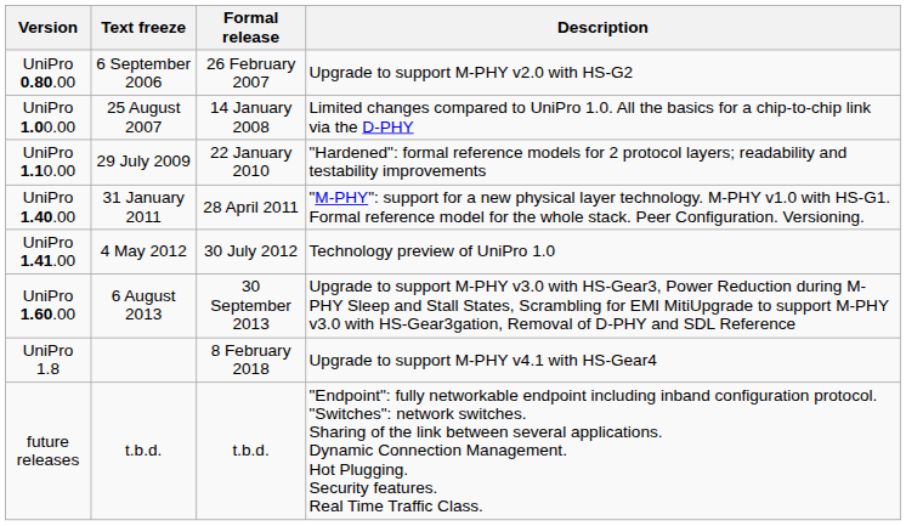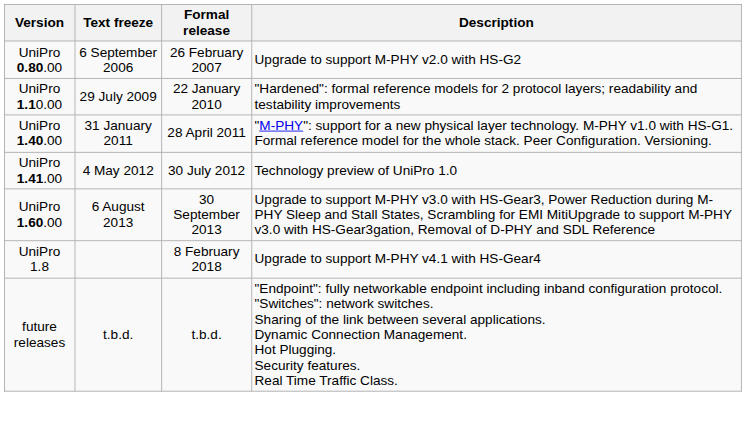 <table class="wikitable">
 <tr>
 <th>Version</th>
 <th>Text freeze</th>
 <th>Formal release</th>
 <th>Description</th>
 </tr>
 <tr>
 <td align="center">UniPro <strong>0.80</strong>.00</td>
 <td align="center">6 September 2006</td>
 <td align="center">26 February 2007</td>
 <td>Upgrade to support M-PHY v2.0 with HS-G2</td>
-</tr>
-<tr>
-<td align="center">UniPro <strong>1.0</strong>0.00</td>
-<td align="center">25 August 2007</td>
-<td align="center">14 January 2008</td>
-<td>Limited changes compared to UniPro 1.0. All the basics for a chip-to-chip link via the <a href='#'>D-PHY</a></td>
 </tr>
 <tr>
 <td align="center">UniPro <strong>1.1</strong>0.00</td>
 <td align="center">29 July 2009</td>
 <td align="center">22 January 2010</td>
 <td>"Hardened": formal reference models for 2 protocol layers; readability and testability improvements</td>
 </tr>
 <tr>
 <td align="center">UniPro <strong>1.40</strong>.00</td>
 <td align="center">31 January 2011</td>
 <td align="center">28 April 2011</td>
 <td>"<a href='#'>M-PHY</a>": support for a new physical layer technology. M-PHY v1.0 with HS-G1. Formal reference model for the whole stack. Peer Configuration. Versioning.</td>
 </tr>
 <tr>
 <td align="center">UniPro <strong>1.41</strong>.00</td>
 <td align="center">4 May 2012</td>
 <td align="center">30 July 2012</td>
 <td>Technology preview of UniPro 1.0</td>
 </tr>
 <tr>
 <td align="center">UniPro <strong>1.60</strong>.00</td>
 <td align="center">6 August 2013</td>
 <td align="center">30 September 2013</td>
 <td>Upgrade to support M-PHY v3.0 with HS-Gear3, Power Reduction during M-PHY Sleep and Stall States, Scrambling for EMI MitiUpgrade to support M-PHY v3.0 with HS-Gear3gation, Removal of D-PHY and SDL Reference</td>
 </tr>
 <tr>
 <td align="center">UniPro 1.8</td>
 <td align="center"></td>
 <td align="center">8 February 2018</td>
 <td>Upgrade to support M-PHY v4.1 with HS-Gear4</td>
 </tr>
 <tr>
 <td align="center">future releases</td>
 <td align="center">t.b.d.</td>
 <td align="center">t.b.d.</td>
 <td>"Endpoint": fully networkable endpoint including inband configuration protocol.<br>"Switches": network switches. <br> Sharing of the link between several applications. <br> Dynamic Connection Management. <br> Hot Plugging. <br> Security features. <br> Real Time Traffic Class.</td>
 </tr>
 </table>
